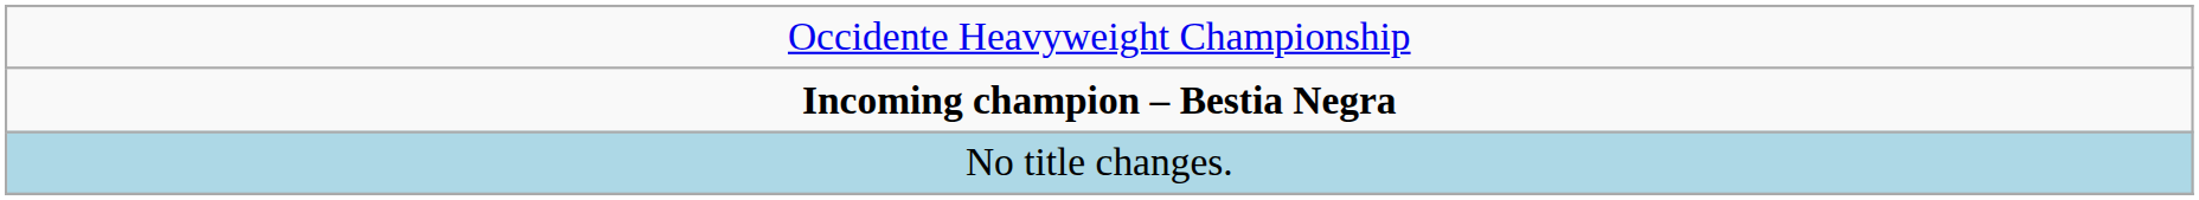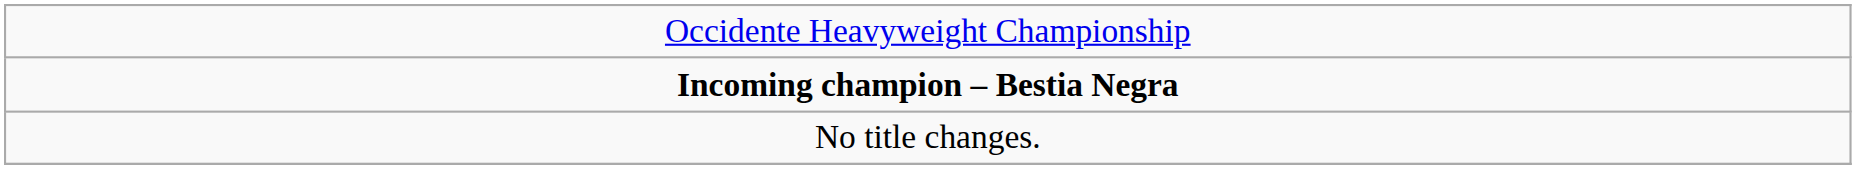 <table class="wikitable" style="text-align:center; width:100%;">
 <tr>
 <td colspan="5" style="text-align: center;"><a href='#'>Occidente Heavyweight Championship</a></td>
 </tr>
 <tr>
 <td colspan="5" style="text-align: center;"><strong>Incoming champion – Bestia Negra</strong></td>
 </tr>
 <tr>
-<td style="background: lightblue;">No title changes.</td>
+<td>No title changes.</td>
 </tr>
 <tr>
 </tr>
 </table>
